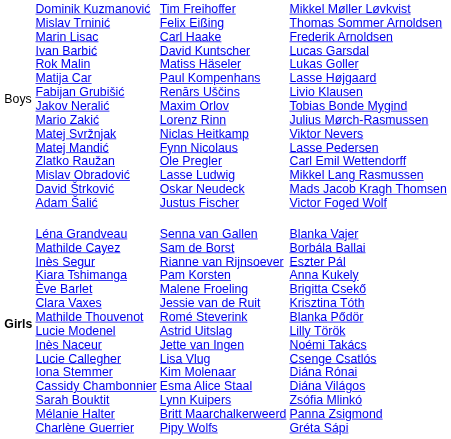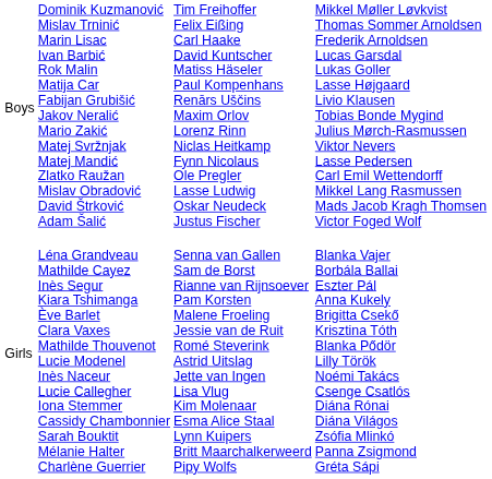 <table>
 <tr>
 <td>Boys</td>
 <td><br><a href='#'>Dominik Kuzmanović</a><br><a href='#'>Mislav Trninić</a><br><a href='#'>Marin Lisac</a><br><a href='#'>Ivan Barbić</a><br><a href='#'>Rok Malin</a><br><a href='#'>Matija Car</a><br><a href='#'>Fabijan Grubišić</a><br><a href='#'>Jakov Neralić</a><br><a href='#'>Mario Zakić</a><br><a href='#'>Matej Svržnjak</a><br><a href='#'>Matej Mandić</a><br><a href='#'>Zlatko Raužan</a><br><a href='#'>Mislav Obradović</a><br><a href='#'>David Štrković</a><br><a href='#'>Adam Šalić</a></td>
 <td><br><a href='#'>Tim Freihoffer</a><br><a href='#'>Felix Eißing</a><br><a href='#'>Carl Haake</a><br><a href='#'>David Kuntscher</a><br><a href='#'>Matiss Häseler</a><br><a href='#'>Paul Kompenhans</a><br><a href='#'>Renārs Uščins</a><br><a href='#'>Maxim Orlov</a><br><a href='#'>Lorenz Rinn</a><br><a href='#'>Niclas Heitkamp</a><br><a href='#'>Fynn Nicolaus</a><br><a href='#'>Ole Pregler</a><br><a href='#'>Lasse Ludwig</a><br><a href='#'>Oskar Neudeck</a><br><a href='#'>Justus Fischer</a></td>
 <td><br><a href='#'>Mikkel Møller Løvkvist</a><br><a href='#'>Thomas Sommer Arnoldsen</a><br><a href='#'>Frederik Arnoldsen</a><br><a href='#'>Lucas Garsdal</a><br><a href='#'>Lukas Goller</a><br><a href='#'>Lasse Højgaard</a><br><a href='#'>Livio Klausen</a><br><a href='#'>Tobias Bonde Mygind</a><br><a href='#'>Julius Mørch-Rasmussen</a><br><a href='#'>Viktor Nevers</a><br><a href='#'>Lasse Pedersen</a><br><a href='#'>Carl Emil Wettendorff</a><br><a href='#'>Mikkel Lang Rasmussen</a><br><a href='#'>Mads Jacob Kragh Thomsen</a><br><a href='#'>Victor Foged Wolf</a></td>
 </tr>
 <tr>
-<td><strong>Girls</strong></td>
+<td>Girls</td>
 <td><br><a href='#'>Léna Grandveau</a><br><a href='#'>Mathilde Cayez</a><br><a href='#'>Inès Segur</a><br><a href='#'>Kiara Tshimanga</a><br><a href='#'>Ève Barlet</a><br><a href='#'>Clara Vaxes</a><br><a href='#'>Mathilde Thouvenot</a><br><a href='#'>Lucie Modenel</a><br><a href='#'>Inès Naceur</a><br><a href='#'>Lucie Callegher</a><br><a href='#'>Iona Stemmer</a><br><a href='#'>Cassidy Chambonnier</a><br><a href='#'>Sarah Bouktit</a><br><a href='#'>Mélanie Halter</a><br><a href='#'>Charlène Guerrier</a></td>
 <td><br><a href='#'>Senna van Gallen</a><br><a href='#'>Sam de Borst</a><br><a href='#'>Rianne van Rijnsoever</a><br><a href='#'>Pam Korsten</a><br><a href='#'>Malene Froeling</a><br><a href='#'>Jessie van de Ruit</a><br><a href='#'>Romé Steverink</a><br><a href='#'>Astrid Uitslag</a><br><a href='#'>Jette van Ingen</a><br><a href='#'>Lisa Vlug</a><br><a href='#'>Kim Molenaar</a><br><a href='#'>Esma Alice Staal</a><br><a href='#'>Lynn Kuipers</a><br><a href='#'>Britt Maarchalkerweerd</a><br><a href='#'>Pipy Wolfs</a></td>
 <td><br><a href='#'>Blanka Vajer</a><br><a href='#'>Borbála Ballai</a><br><a href='#'>Eszter Pál</a><br><a href='#'>Anna Kukely</a><br><a href='#'>Brigitta Csekő</a><br><a href='#'>Krisztina Tóth</a><br><a href='#'>Blanka Pődör</a><br><a href='#'>Lilly Török</a><br><a href='#'>Noémi Takács</a><br><a href='#'>Csenge Csatlós</a><br><a href='#'>Diána Rónai</a><br><a href='#'>Diána Világos</a><br><a href='#'>Zsófia Mlinkó</a><br><a href='#'>Panna Zsigmond</a><br><a href='#'>Gréta Sápi</a></td>
 </tr>
 </table>
